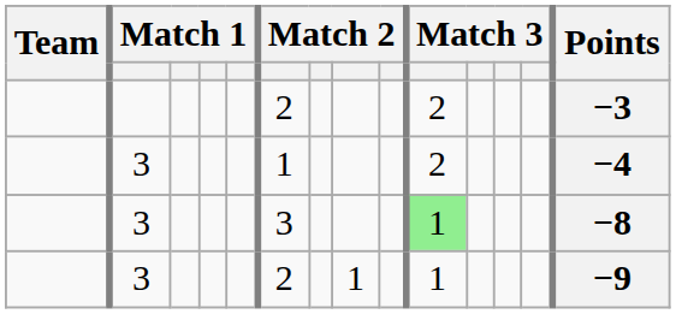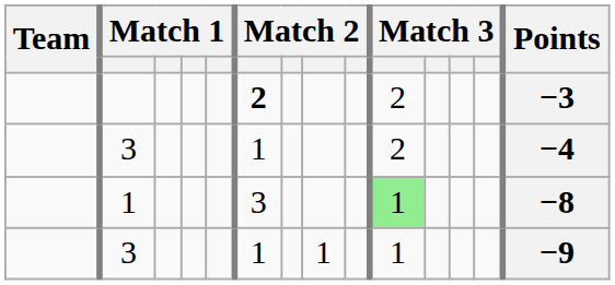 <table class="wikitable sortable" style="text-align:center;">
 <tr>
 <th rowspan=2>Team</th>
 <th colspan=4 style="border-left:3px solid gray">Match 1</th>
 <th colspan=4 style="border-left:3px solid gray">Match 2</th>
 <th colspan=4 style="border-left:3px solid gray">Match 3</th>
 <th rowspan=2 style="border-left:3px solid gray">Points</th>
 </tr>
 <tr>
 <th style="border-left:3px solid gray"></th>
 <th></th>
 <th></th>
 <th></th>
 <th style="border-left:3px solid gray"></th>
 <th></th>
 <th></th>
 <th></th>
 <th style="border-left:3px solid gray"></th>
 <th></th>
 <th></th>
 <th></th>
 </tr>
 <tr>
 <td align=left></td>
 <td style="border-left:3px solid gray"></td>
 <td></td>
 <td></td>
 <td></td>
-<td style="border-left:3px solid gray">2</td>
+<td style="border-left:3px solid gray"><strong>2</strong></td>
 <td></td>
 <td></td>
 <td></td>
 <td style="border-left:3px solid gray">2</td>
 <td></td>
 <td></td>
 <td></td>
 <th style="border-left:3px solid gray">−3</th>
 </tr>
 <tr>
 <td align=left></td>
 <td style="border-left:3px solid gray">3</td>
 <td></td>
 <td></td>
 <td></td>
 <td style="border-left:3px solid gray">1</td>
 <td></td>
 <td></td>
 <td></td>
 <td style="border-left:3px solid gray">2</td>
 <td></td>
 <td></td>
 <td></td>
 <th style="border-left:3px solid gray">−4</th>
 </tr>
 <tr>
 <td align=left></td>
-<td style="border-left:3px solid gray">3</td>
+<td style="border-left:3px solid gray">1</td>
 <td></td>
 <td></td>
 <td></td>
 <td style="border-left:3px solid gray">3</td>
 <td></td>
 <td></td>
 <td></td>
 <td style="background: lightgreen; border-left:3px solid gray">1</td>
 <td></td>
 <td></td>
 <td></td>
 <th style="border-left:3px solid gray">−8</th>
 </tr>
 <tr>
 <td align=left></td>
 <td style="border-left:3px solid gray">3</td>
 <td></td>
 <td></td>
 <td></td>
-<td style="border-left:3px solid gray">2</td>
+<td style="border-left:3px solid gray">1</td>
 <td></td>
 <td>1</td>
 <td></td>
 <td style="border-left:3px solid gray">1</td>
 <td></td>
 <td></td>
 <td></td>
 <th style="border-left:3px solid gray">−9</th>
 </tr>
 </table>
